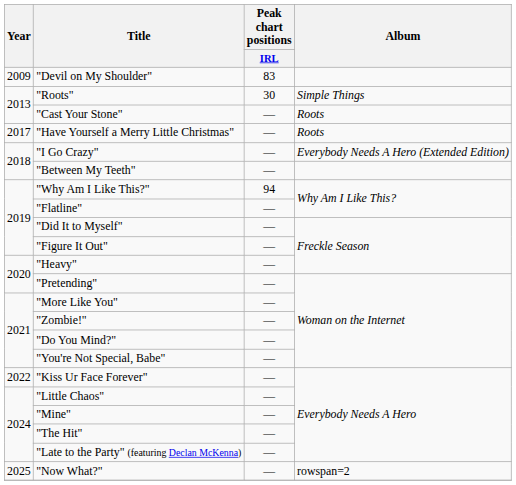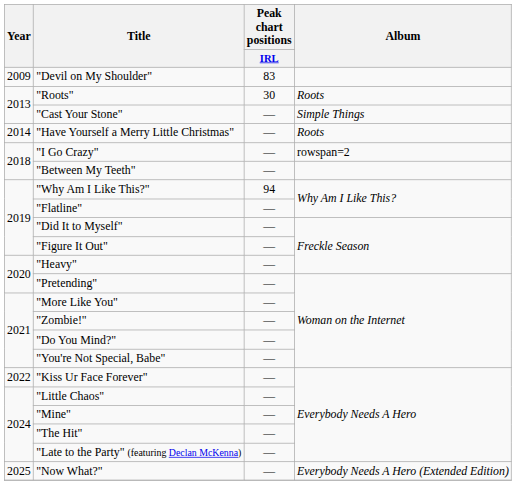 <table class="wikitable">
 <tr>
 <th rowspan="2" scope="col">Year</th>
 <th rowspan="2" scope="col">Title</th>
 <th colspan="1" scope="col">Peak chart positions</th>
 <th rowspan="2" scope="col">Album</th>
 </tr>
 <tr>
 <th scope="col" style="width:3em;font-size:90%;"><a href='#'>IRL</a><br></th>
 </tr>
 <tr>
 <td>2009</td>
 <td>"Devil on My Shoulder"</td>
 <td align="center">83</td>
 <td></td>
 </tr>
 <tr>
 <td rowspan="2">2013</td>
 <td>"Roots"</td>
 <td align="center">30</td>
-<td><em>Simple Things</em></td>
+<td><em>Roots</em></td>
 </tr>
 <tr>
 <td>"Cast Your Stone"</td>
 <td align="center">—</td>
-<td><em>Roots</em></td>
+<td><em>Simple Things</em></td>
 </tr>
 <tr>
-<td>2017</td>
+<td>2014</td>
 <td>"Have Yourself a Merry Little Christmas"</td>
 <td align="center">—</td>
 <td><em>Roots</em></td>
 </tr>
 <tr>
 <td rowspan="2">2018</td>
 <td>"I Go Crazy"</td>
 <td align="center">—</td>
-<td><em>Everybody Needs A Hero (Extended Edition)</em></td>
+<td>rowspan=2 </td>
 </tr>
 <tr>
 <td>"Between My Teeth"</td>
 <td align="center">—</td>
 </tr>
 <tr>
 <td rowspan="4">2019</td>
 <td>"Why Am I Like This?"</td>
 <td align="center">94<br></td>
 <td rowspan="2"><em>Why Am I Like This?</em></td>
 </tr>
 <tr>
 <td>"Flatline"</td>
 <td align="center">—</td>
 </tr>
 <tr>
 <td>"Did It to Myself"</td>
 <td align="center">—</td>
 <td rowspan="3"><em>Freckle Season</em></td>
 </tr>
 <tr>
 <td>"Figure It Out"</td>
 <td align="center">—</td>
 </tr>
 <tr>
 <td rowspan="2">2020</td>
 <td>"Heavy"</td>
 <td align="center">—</td>
 </tr>
 <tr>
 <td>"Pretending"</td>
 <td align="center">—</td>
 <td rowspan="5"><em>Woman on the Internet</em></td>
 </tr>
 <tr>
 <td rowspan="4">2021</td>
 <td>"More Like You"</td>
 <td align="center">—</td>
 </tr>
 <tr>
 <td>"Zombie!"</td>
 <td align="center">—</td>
 </tr>
 <tr>
 <td>"Do You Mind?"</td>
 <td align="center">—</td>
 </tr>
 <tr>
 <td>"You're Not Special, Babe"</td>
 <td align="center">—</td>
 </tr>
 <tr>
 <td>2022</td>
 <td>"Kiss Ur Face Forever"</td>
 <td align="center">—</td>
 <td rowspan="5"><em>Everybody Needs A Hero</em></td>
 </tr>
 <tr>
 <td rowspan="4">2024</td>
 <td>"Little Chaos"</td>
 <td align="center">—</td>
 </tr>
 <tr>
 <td>"Mine"</td>
 <td align="center">—</td>
 </tr>
 <tr>
 <td>"The Hit"</td>
 <td align="center">—</td>
 </tr>
 <tr>
 <td>"Late to the Party" <small>(featuring <a href='#'>Declan McKenna</a>)</small></td>
 <td align="center">—</td>
 </tr>
 <tr>
 <td>2025</td>
 <td>"Now What?"</td>
 <td align="center">—</td>
-<td>rowspan=2 </td>
+<td><em>Everybody Needs A Hero (Extended Edition)</em></td>
 </tr>
 <tr>
 </tr>
 </table>
